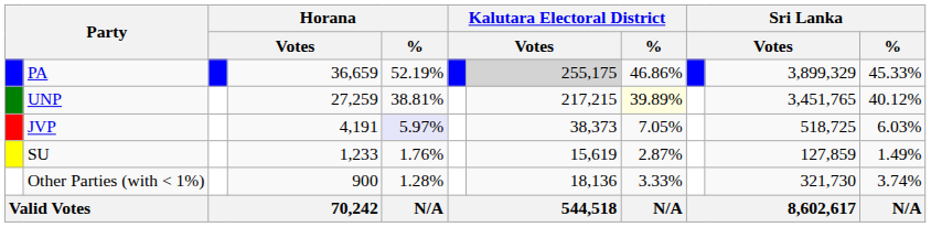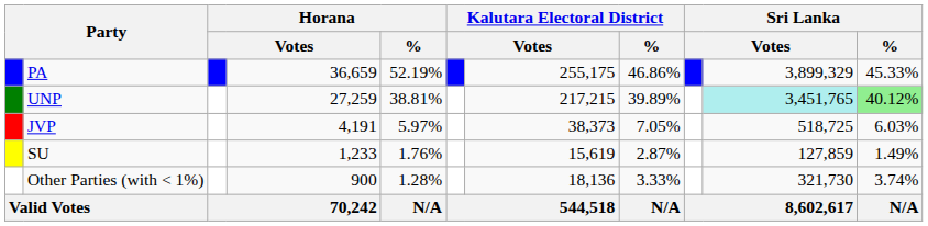 <table class="wikitable">
 <tr>
 <th colspan="2" width="144px"rowspan="2">Party</th>
 <th colspan="3" width="216px">Horana</th>
 <th colspan="3" width="216px"><a href='#'>Kalutara Electoral District</a></th>
 <th colspan="3" width="216px">Sri Lanka</th>
 </tr>
 <tr>
 <th colspan="2" width="144px">Votes</th>
 <th>%</th>
 <th colspan="2" width="144px">Votes</th>
 <th>%</th>
 <th colspan="2" width="144px">Votes</th>
 <th>%</th>
 </tr>
 <tr>
 <td style="background-color:blue;" width="10px"></td>
 <td style="text-align:left;"><a href='#'>PA</a></td>
 <td style="background-color:blue;" width="10px"></td>
 <td style="text-align:right;">36,659</td>
 <td style="text-align:right;">52.19%</td>
 <td style="background-color:blue;" width="10px"></td>
-<td style="background: lightgrey; text-align:right;">255,175</td>
+<td style="text-align:right;">255,175</td>
 <td style="text-align:right;">46.86%</td>
 <td style="background-color:blue;" width="10px"></td>
 <td style="text-align:right;">3,899,329</td>
 <td style="text-align:right;">45.33%</td>
 </tr>
 <tr>
 <td style="background-color:green;" width="10px"></td>
 <td style="text-align:left;"><a href='#'>UNP</a></td>
 <td style="background-color:white;" width="10px"></td>
 <td style="text-align:right;">27,259</td>
 <td style="text-align:right;">38.81%</td>
 <td style="background-color:white;" width="10px"></td>
 <td style="text-align:right;">217,215</td>
-<td style="background: lightyellow; text-align:right;">39.89%</td>
+<td style="text-align:right;">39.89%</td>
 <td style="background-color:white;" width="10px"></td>
-<td style="text-align:right;">3,451,765</td>
-<td style="text-align:right;">40.12%</td>
+<td style="background: paleturquoise; text-align:right;">3,451,765</td>
+<td style="background: lightgreen; text-align:right;">40.12%</td>
 </tr>
 <tr>
 <td style="background-color:red;" width="10px"></td>
 <td style="text-align:left;"><a href='#'>JVP</a></td>
 <td style="background-color:white;" width="10px"></td>
 <td style="text-align:right;">4,191</td>
-<td style="background: lavender; text-align:right;">5.97%</td>
+<td style="text-align:right;">5.97%</td>
 <td style="background-color:white;" width="10px"></td>
 <td style="text-align:right;">38,373</td>
 <td style="text-align:right;">7.05%</td>
 <td style="background-color:white;" width="10px"></td>
 <td style="text-align:right;">518,725</td>
 <td style="text-align:right;">6.03%</td>
 </tr>
 <tr>
 <td style="background-color:yellow;" width="10px"></td>
 <td style="text-align:left;">SU</td>
 <td style="background-color:white;" width="10px"></td>
 <td style="text-align:right;">1,233</td>
 <td style="text-align:right;">1.76%</td>
 <td style="background-color:white;" width="10px"></td>
 <td style="text-align:right;">15,619</td>
 <td style="text-align:right;">2.87%</td>
 <td style="background-color:white;" width="10px"></td>
 <td style="text-align:right;">127,859</td>
 <td style="text-align:right;">1.49%</td>
 </tr>
 <tr>
 <td style="background-color:white;" width="10px"></td>
 <td style="text-align:left;">Other Parties (with < 1%)</td>
 <td style="background-color:white;" width="10px"></td>
 <td style="text-align:right;">900</td>
 <td style="text-align:right;">1.28%</td>
 <td style="background-color:white;" width="10px"></td>
 <td style="text-align:right;">18,136</td>
 <td style="text-align:right;">3.33%</td>
 <td style="background-color:white;" width="10px"></td>
 <td style="text-align:right;">321,730</td>
 <td style="text-align:right;">3.74%</td>
 </tr>
 <tr>
 <th colspan="2" width="144px"style="text-align:left;">Valid Votes</th>
 <th style="text-align:right;"colspan="2" width="144px">70,242</th>
 <th style="text-align:right;">N/A</th>
 <th style="text-align:right;"colspan="2" width="144px">544,518</th>
 <th style="text-align:right;">N/A</th>
 <th style="text-align:right;"colspan="2" width="144px">8,602,617</th>
 <th style="text-align:right;">N/A</th>
 </tr>
 </table>
